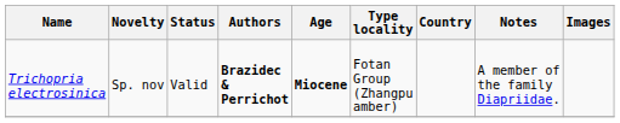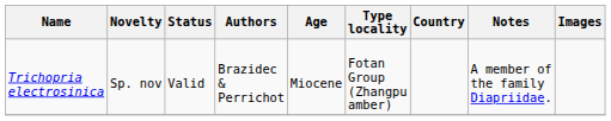 <table class="wikitable sortable" align="center" width="100%">
 <tr>
 <th>Name</th>
 <th>Novelty</th>
 <th>Status</th>
 <th>Authors</th>
 <th>Age</th>
 <th>Type locality</th>
 <th>Country</th>
 <th>Notes</th>
 <th>Images</th>
 </tr>
 <tr>
 <td><br><em><a href='#'>Trichopria electrosinica</a></em></td>
 <td><br>Sp. nov</td>
 <td><br>Valid</td>
-<td><strong><br>Brazidec & Perrichot</strong></td>
-<td><strong><br>Miocene</strong></td>
+<td><br>Brazidec & Perrichot</td>
+<td><br>Miocene</td>
 <td><br>Fotan Group<br>(Zhangpu amber)</td>
 <td><br></td>
 <td><br>A member of the family <a href='#'>Diapriidae</a>.</td>
 <td></td>
 </tr>
 <tr>
 </tr>
 </table>
